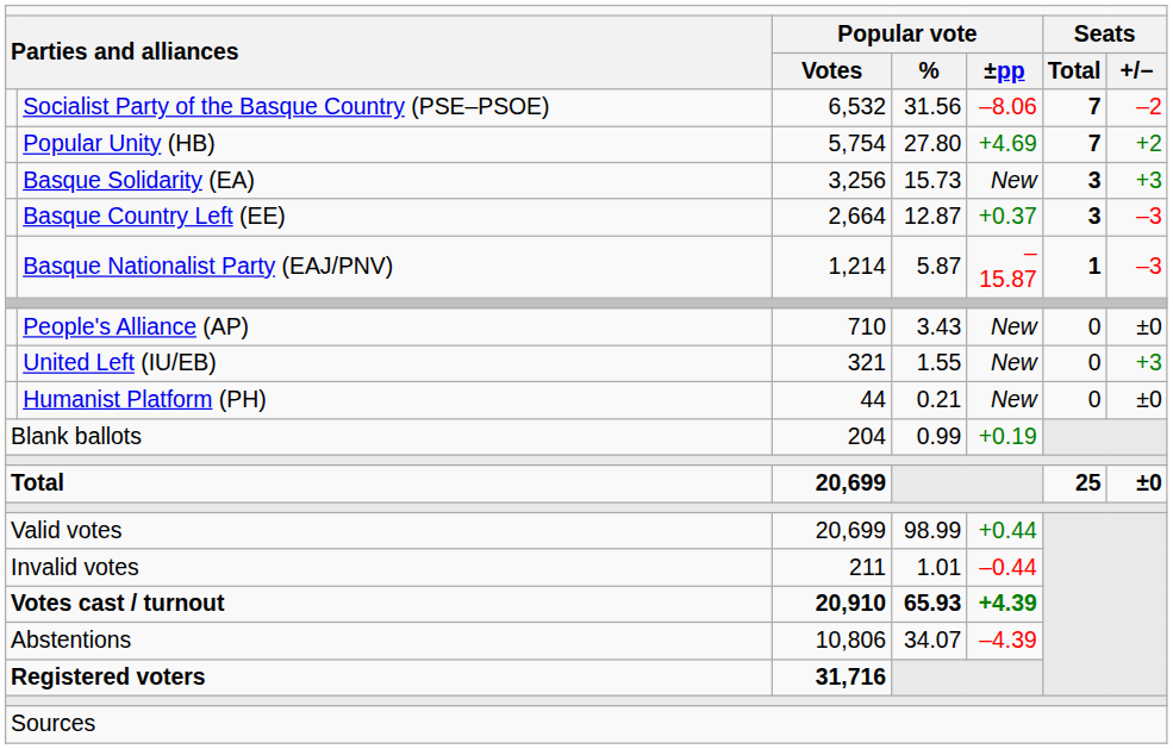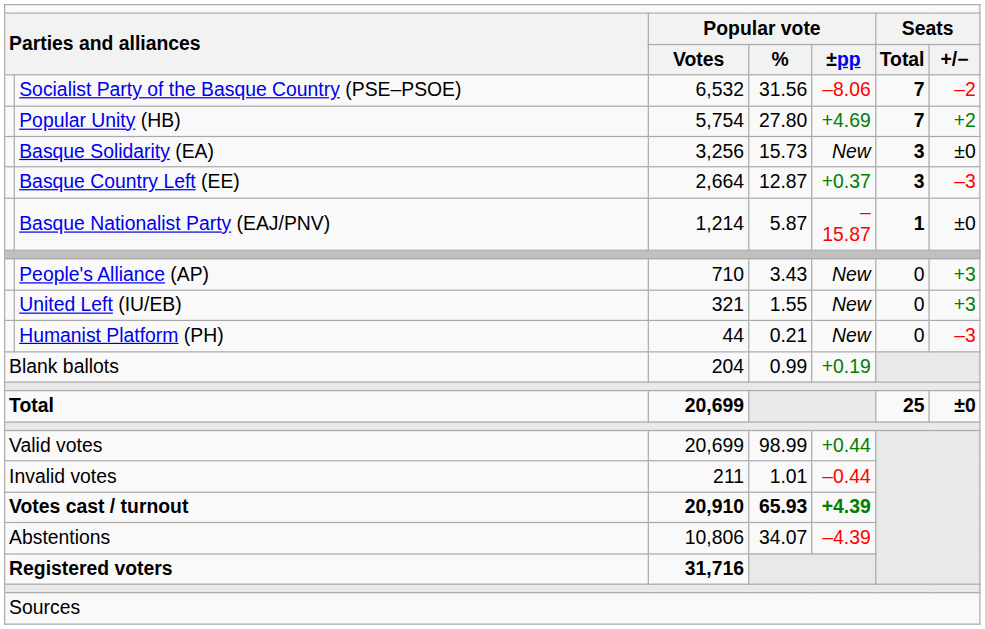 <table class="wikitable" style="text-align:right;">
 <tr>
 <td colspan="7"></td>
 </tr>
 <tr>
 <th style="text-align:left;" rowspan="2" colspan="2" width="525">Parties and alliances</th>
 <th colspan="3">Popular vote</th>
 <th colspan="2">Seats</th>
 </tr>
 <tr>
 <th width="75">Votes</th>
 <th width="45">%</th>
 <th width="45">±<a href='#'>pp</a></th>
 <th width="35">Total</th>
 <th width="35">+/−</th>
 </tr>
 <tr>
 <td width="1" style="color:inherit;background:"></td>
 <td align="left"><a href='#'>Socialist Party of the Basque Country</a> (PSE–PSOE)</td>
 <td>6,532</td>
 <td>31.56</td>
 <td style="color:red;">–8.06</td>
 <td><strong>7</strong></td>
 <td style="color:red;">–2</td>
 </tr>
 <tr>
 <td style="color:inherit;background:"></td>
 <td align="left"><a href='#'>Popular Unity</a> (HB)</td>
 <td>5,754</td>
 <td>27.80</td>
 <td style="color:green;">+4.69</td>
 <td><strong>7</strong></td>
 <td style="color:green;">+2</td>
 </tr>
 <tr>
 <td style="color:inherit;background:"></td>
 <td align="left"><a href='#'>Basque Solidarity</a> (EA)</td>
 <td>3,256</td>
 <td>15.73</td>
 <td><em>New</em></td>
 <td><strong>3</strong></td>
-<td style="color:green;">+3</td>
+<td>±0</td>
 </tr>
 <tr>
 <td style="color:inherit;background:"></td>
 <td align="left"><a href='#'>Basque Country Left</a> (EE)</td>
 <td>2,664</td>
 <td>12.87</td>
 <td style="color:green;">+0.37</td>
 <td><strong>3</strong></td>
 <td style="color:red;">–3</td>
 </tr>
 <tr>
 <td style="color:inherit;background:"></td>
 <td align="left"><a href='#'>Basque Nationalist Party</a> (EAJ/PNV)</td>
 <td>1,214</td>
 <td>5.87</td>
 <td style="color:red;">–15.87</td>
 <td><strong>1</strong></td>
-<td style="color:red;">–3</td>
+<td>±0</td>
 </tr>
 <tr>
 <td colspan="7" bgcolor="#C0C0C0"></td>
 </tr>
 <tr>
 <td style="color:inherit;background:"></td>
 <td align="left"><a href='#'>People's Alliance</a> (AP)</td>
 <td>710</td>
 <td>3.43</td>
 <td><em>New</em></td>
 <td>0</td>
-<td>±0</td>
+<td style="color:green;">+3</td>
 </tr>
 <tr>
 <td style="color:inherit;background:"></td>
 <td align="left"><a href='#'>United Left</a> (IU/EB)</td>
 <td>321</td>
 <td>1.55</td>
 <td><em>New</em></td>
 <td>0</td>
 <td style="color:green;">+3</td>
 </tr>
 <tr>
 <td style="color:inherit;background:"></td>
 <td align="left"><a href='#'>Humanist Platform</a> (PH)</td>
 <td>44</td>
 <td>0.21</td>
 <td><em>New</em></td>
 <td>0</td>
-<td>±0</td>
+<td style="color:red;">–3</td>
 </tr>
 <tr>
 <td align="left" colspan="2">Blank ballots</td>
 <td>204</td>
 <td>0.99</td>
 <td style="color:green;">+0.19</td>
 <td bgcolor="#E9E9E9" colspan="2"></td>
 </tr>
 <tr>
 <td colspan="7" bgcolor="#E9E9E9"></td>
 </tr>
 <tr style="font-weight:bold;">
 <td align="left" colspan="2">Total</td>
 <td>20,699</td>
 <td bgcolor="#E9E9E9" colspan="2"></td>
 <td>25</td>
 <td>±0</td>
 </tr>
 <tr>
 <td colspan="7" bgcolor="#E9E9E9"></td>
 </tr>
 <tr>
 <td align="left" colspan="2">Valid votes</td>
 <td>20,699</td>
 <td>98.99</td>
 <td style="color:green;">+0.44</td>
 <td bgcolor="#E9E9E9" colspan="2" rowspan="5"></td>
 </tr>
 <tr>
 <td align="left" colspan="2">Invalid votes</td>
 <td>211</td>
 <td>1.01</td>
 <td style="color:red;">–0.44</td>
 </tr>
 <tr style="font-weight:bold;">
 <td align="left" colspan="2">Votes cast / turnout</td>
 <td>20,910</td>
 <td>65.93</td>
 <td style="color:green;">+4.39</td>
 </tr>
 <tr>
 <td align="left" colspan="2">Abstentions</td>
 <td>10,806</td>
 <td>34.07</td>
 <td style="color:red;">–4.39</td>
 </tr>
 <tr style="font-weight:bold;">
 <td align="left" colspan="2">Registered voters</td>
 <td>31,716</td>
 <td bgcolor="#E9E9E9" colspan="2"></td>
 </tr>
 <tr>
 <td colspan="7" bgcolor="#E9E9E9"></td>
 </tr>
 <tr>
 <td align="left" colspan="7">Sources</td>
 </tr>
 </table>
